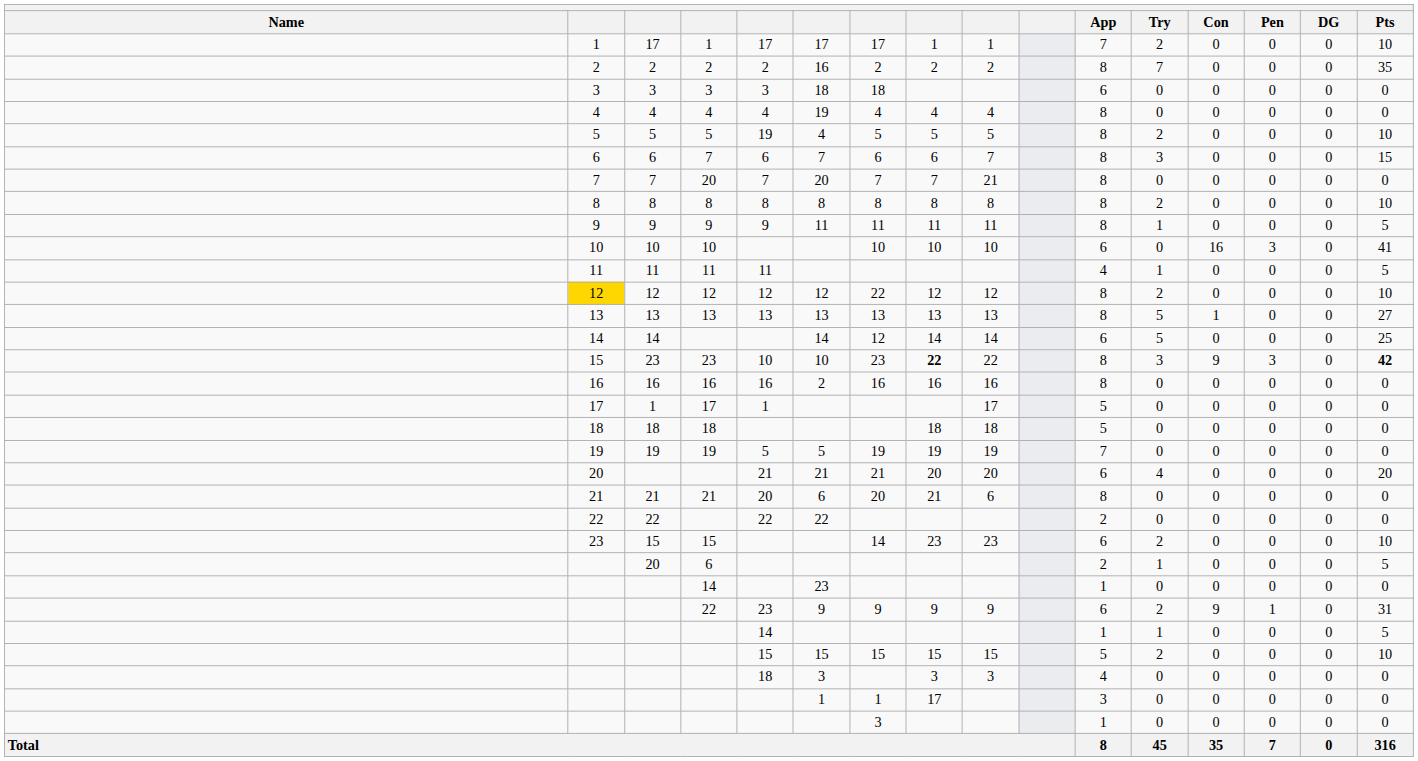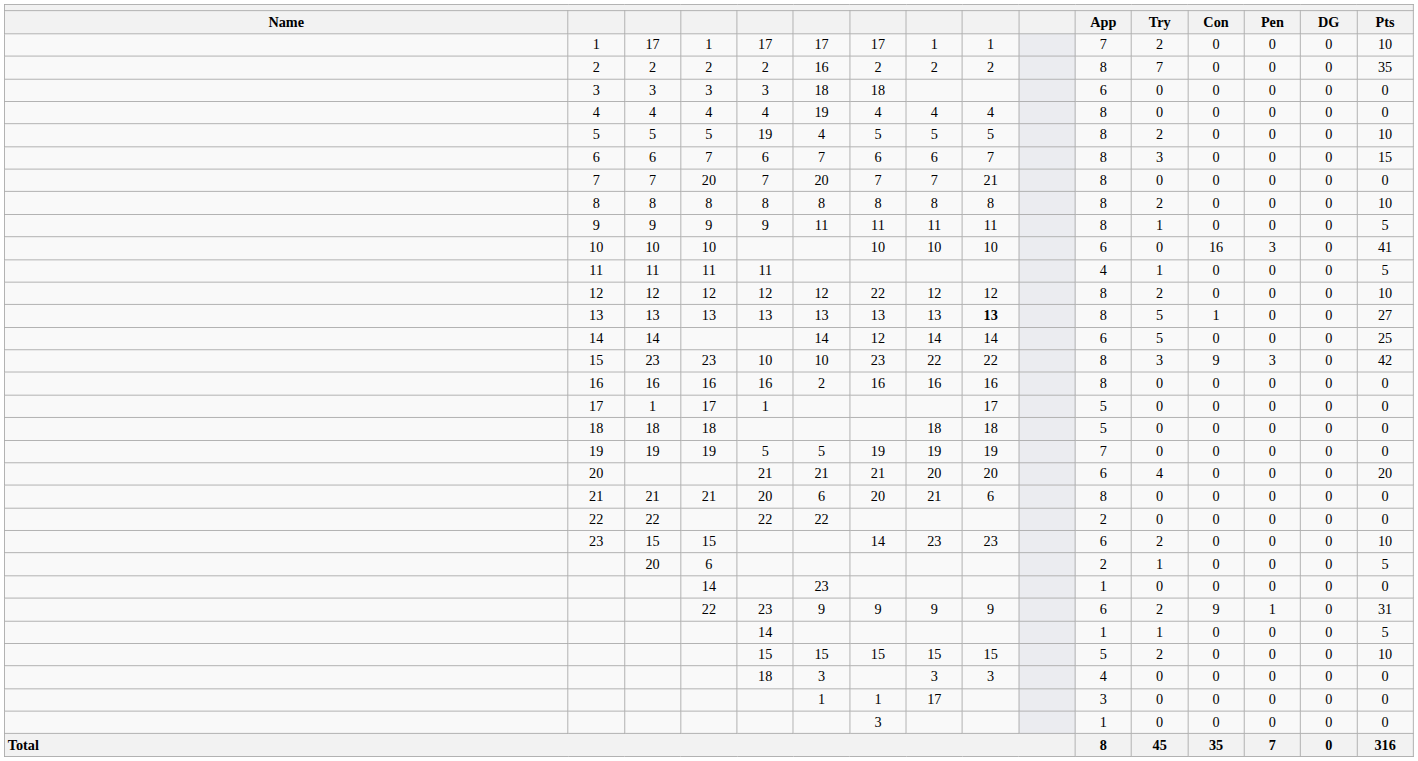 <table class="wikitable collapsible collapsed" style="text-align:center; font-size:100%; width:100%">
 <tr>
 <th colspan="100%"></th>
 </tr>
 <tr>
 <th style="width:40%;">Name</th>
 <th style="width:4%;"></th>
 <th style="width:4%;"></th>
 <th style="width:4%;"></th>
 <th style="width:4%;"></th>
 <th style="width:4%;"></th>
 <th style="width:4%;"></th>
 <th style="width:4%;"></th>
 <th style="width:4%;"></th>
 <th style="width:4%;"></th>
 <th style="width:4%;">App</th>
 <th style="width:4%;">Try</th>
 <th style="width:4%;">Con</th>
 <th style="width:4%;">Pen</th>
 <th style="width:4%;">DG</th>
 <th style="width:4%;">Pts</th>
 </tr>
 <tr>
 <td style="text-align:left;"></td>
 <td>1</td>
 <td>17</td>
 <td>1</td>
 <td>17 </td>
 <td>17 </td>
 <td>17 </td>
 <td>1</td>
 <td>1</td>
 <td style="background:#EBECF0;"></td>
 <td>7</td>
 <td>2</td>
 <td>0</td>
 <td>0</td>
 <td>0</td>
 <td>10</td>
 </tr>
 <tr>
 <td style="text-align:left;"></td>
 <td>2</td>
 <td>2</td>
 <td>2</td>
 <td>2</td>
 <td>16 </td>
 <td>2</td>
 <td>2</td>
 <td>2</td>
 <td style="background:#EBECF0;"></td>
 <td>8</td>
 <td>7</td>
 <td>0</td>
 <td>0</td>
 <td>0</td>
 <td>35</td>
 </tr>
 <tr>
 <td style="text-align:left;"></td>
 <td>3</td>
 <td>3</td>
 <td>3</td>
 <td>3</td>
 <td>18 </td>
 <td>18 </td>
 <td></td>
 <td></td>
 <td style="background:#EBECF0;"></td>
 <td>6</td>
 <td>0</td>
 <td>0</td>
 <td>0</td>
 <td>0</td>
 <td>0</td>
 </tr>
 <tr>
 <td style="text-align:left;"></td>
 <td>4</td>
 <td>4</td>
 <td>4</td>
 <td>4</td>
 <td>19 </td>
 <td>4</td>
 <td>4</td>
 <td>4</td>
 <td style="background:#EBECF0;"></td>
 <td>8</td>
 <td>0</td>
 <td>0</td>
 <td>0</td>
 <td>0</td>
 <td>0</td>
 </tr>
 <tr>
 <td style="text-align:left;"></td>
 <td>5</td>
 <td>5</td>
 <td>5</td>
 <td>19 </td>
 <td>4</td>
 <td>5</td>
 <td>5</td>
 <td>5</td>
 <td style="background:#EBECF0;"></td>
 <td>8</td>
 <td>2</td>
 <td>0</td>
 <td>0</td>
 <td>0</td>
 <td>10</td>
 </tr>
 <tr>
 <td style="text-align:left;"></td>
 <td>6</td>
 <td>6</td>
 <td>7</td>
 <td>6</td>
 <td>7</td>
 <td>6</td>
 <td>6</td>
 <td>7</td>
 <td style="background:#EBECF0;"></td>
 <td>8</td>
 <td>3</td>
 <td>0</td>
 <td>0</td>
 <td>0</td>
 <td>15</td>
 </tr>
 <tr>
 <td style="text-align:left;"></td>
 <td>7</td>
 <td>7</td>
 <td>20 </td>
 <td>7</td>
 <td>20 </td>
 <td>7</td>
 <td>7</td>
 <td>21 </td>
 <td style="background:#EBECF0;"></td>
 <td>8</td>
 <td>0</td>
 <td>0</td>
 <td>0</td>
 <td>0</td>
 <td>0</td>
 </tr>
 <tr>
 <td style="text-align:left;"></td>
 <td>8</td>
 <td>8</td>
 <td>8</td>
 <td>8</td>
 <td>8</td>
 <td>8</td>
 <td>8</td>
 <td>8</td>
 <td style="background:#EBECF0;"></td>
 <td>8</td>
 <td>2</td>
 <td>0</td>
 <td>0</td>
 <td>0</td>
 <td>10</td>
 </tr>
 <tr>
 <td style="text-align:left;"></td>
 <td>9</td>
 <td>9</td>
 <td>9</td>
 <td>9</td>
 <td>11</td>
 <td>11</td>
 <td>11</td>
 <td>11</td>
 <td style="background:#EBECF0;"></td>
 <td>8</td>
 <td>1</td>
 <td>0</td>
 <td>0</td>
 <td>0</td>
 <td>5</td>
 </tr>
 <tr>
 <td style="text-align:left;"></td>
 <td>10</td>
 <td>10</td>
 <td>10</td>
 <td></td>
 <td></td>
 <td>10</td>
 <td>10</td>
 <td>10</td>
 <td style="background:#EBECF0;"></td>
 <td>6</td>
 <td>0</td>
 <td>16</td>
 <td>3</td>
 <td>0</td>
 <td>41</td>
 </tr>
 <tr>
 <td style="text-align:left;"></td>
 <td>11</td>
 <td>11</td>
 <td>11</td>
 <td>11</td>
 <td></td>
 <td></td>
 <td></td>
 <td></td>
 <td style="background:#EBECF0;"></td>
 <td>4</td>
 <td>1</td>
 <td>0</td>
 <td>0</td>
 <td>0</td>
 <td>5</td>
 </tr>
 <tr>
 <td style="text-align:left;"></td>
-<td style="background: gold;">12</td>
+<td>12</td>
 <td>12</td>
 <td>12</td>
 <td>12</td>
 <td>12</td>
 <td>22 </td>
 <td>12</td>
 <td>12</td>
 <td style="background:#EBECF0;"></td>
 <td>8</td>
 <td>2</td>
 <td>0</td>
 <td>0</td>
 <td>0</td>
 <td>10</td>
 </tr>
 <tr>
 <td style="text-align:left;"></td>
 <td>13</td>
 <td>13</td>
 <td>13</td>
 <td>13</td>
 <td>13</td>
 <td>13</td>
 <td>13</td>
-<td>13</td>
+<td><strong>13</strong></td>
 <td style="background:#EBECF0;"></td>
 <td>8</td>
 <td>5</td>
 <td>1</td>
 <td>0</td>
 <td>0</td>
 <td>27</td>
 </tr>
 <tr>
 <td style="text-align:left;"></td>
 <td>14</td>
 <td>14</td>
 <td></td>
 <td></td>
 <td>14</td>
 <td>12</td>
 <td>14</td>
 <td>14</td>
 <td style="background:#EBECF0;"></td>
 <td>6</td>
 <td>5</td>
 <td>0</td>
 <td>0</td>
 <td>0</td>
 <td>25</td>
 </tr>
 <tr>
 <td style="text-align:left;"></td>
 <td>15</td>
 <td>23 </td>
 <td>23 </td>
 <td>10</td>
 <td>10</td>
 <td>23 </td>
-<td><strong>22 </strong></td>
+<td>22 </td>
 <td>22 </td>
 <td style="background:#EBECF0;"></td>
 <td>8</td>
 <td>3</td>
 <td>9</td>
 <td>3</td>
 <td>0</td>
-<td><strong>42</strong></td>
+<td>42</td>
 </tr>
 <tr>
 <td style="text-align:left;"></td>
 <td>16 </td>
 <td>16 </td>
 <td>16 </td>
 <td>16 </td>
 <td>2</td>
 <td>16 </td>
 <td>16 </td>
 <td>16 </td>
 <td style="background:#EBECF0;"></td>
 <td>8</td>
 <td>0</td>
 <td>0</td>
 <td>0</td>
 <td>0</td>
 <td>0</td>
 </tr>
 <tr>
 <td style="text-align:left;"></td>
 <td>17 </td>
 <td>1</td>
 <td>17 </td>
 <td>1</td>
 <td></td>
 <td></td>
 <td></td>
 <td>17 </td>
 <td style="background:#EBECF0;"></td>
 <td>5</td>
 <td>0</td>
 <td>0</td>
 <td>0</td>
 <td>0</td>
 <td>0</td>
 </tr>
 <tr>
 <td style="text-align:left;"></td>
 <td>18 </td>
 <td>18 </td>
 <td>18 </td>
 <td></td>
 <td></td>
 <td></td>
 <td>18 </td>
 <td>18 </td>
 <td style="background:#EBECF0;"></td>
 <td>5</td>
 <td>0</td>
 <td>0</td>
 <td>0</td>
 <td>0</td>
 <td>0</td>
 </tr>
 <tr>
 <td style="text-align:left;"></td>
 <td>19 </td>
 <td>19 </td>
 <td>19 </td>
 <td>5</td>
 <td>5</td>
 <td>19</td>
 <td>19 </td>
 <td>19 </td>
 <td style="background:#EBECF0;"></td>
 <td>7</td>
 <td>0</td>
 <td>0</td>
 <td>0</td>
 <td>0</td>
 <td>0</td>
 </tr>
 <tr>
 <td style="text-align:left;"></td>
 <td>20 </td>
 <td></td>
 <td></td>
 <td>21 </td>
 <td>21 </td>
 <td>21 </td>
 <td>20 </td>
 <td>20 </td>
 <td style="background:#EBECF0;"></td>
 <td>6</td>
 <td>4</td>
 <td>0</td>
 <td>0</td>
 <td>0</td>
 <td>20</td>
 </tr>
 <tr>
 <td style="text-align:left;"></td>
 <td>21 </td>
 <td>21 </td>
 <td>21 </td>
 <td>20 </td>
 <td>6</td>
 <td>20 </td>
 <td>21 </td>
 <td>6</td>
 <td style="background:#EBECF0;"></td>
 <td>8</td>
 <td>0</td>
 <td>0</td>
 <td>0</td>
 <td>0</td>
 <td>0</td>
 </tr>
 <tr>
 <td style="text-align:left;"></td>
 <td>22 </td>
 <td>22 </td>
 <td></td>
 <td>22</td>
 <td>22</td>
 <td></td>
 <td></td>
 <td></td>
 <td style="background:#EBECF0;"></td>
 <td>2</td>
 <td>0</td>
 <td>0</td>
 <td>0</td>
 <td>0</td>
 <td>0</td>
 </tr>
 <tr>
 <td style="text-align:left;"></td>
 <td>23 </td>
 <td>15</td>
 <td>15</td>
 <td></td>
 <td></td>
 <td>14</td>
 <td>23 </td>
 <td>23 </td>
 <td style="background:#EBECF0;"></td>
 <td>6</td>
 <td>2</td>
 <td>0</td>
 <td>0</td>
 <td>0</td>
 <td>10</td>
 </tr>
 <tr>
 <td style="text-align:left;"></td>
 <td></td>
 <td>20 </td>
 <td>6</td>
 <td></td>
 <td></td>
 <td></td>
 <td></td>
 <td></td>
 <td style="background:#EBECF0;"></td>
 <td>2</td>
 <td>1</td>
 <td>0</td>
 <td>0</td>
 <td>0</td>
 <td>5</td>
 </tr>
 <tr>
 <td style="text-align:left;"></td>
 <td></td>
 <td></td>
 <td>14</td>
 <td></td>
 <td>23</td>
 <td></td>
 <td></td>
 <td></td>
 <td style="background:#EBECF0;"></td>
 <td>1</td>
 <td>0</td>
 <td>0</td>
 <td>0</td>
 <td>0</td>
 <td>0</td>
 </tr>
 <tr>
 <td style="text-align:left;"></td>
 <td></td>
 <td></td>
 <td>22 </td>
 <td>23 </td>
 <td>9</td>
 <td>9</td>
 <td>9</td>
 <td>9</td>
 <td style="background:#EBECF0;"></td>
 <td>6</td>
 <td>2</td>
 <td>9</td>
 <td>1</td>
 <td>0</td>
 <td>31</td>
 </tr>
 <tr>
 <td style="text-align:left;"></td>
 <td></td>
 <td></td>
 <td></td>
 <td>14</td>
 <td></td>
 <td></td>
 <td></td>
 <td></td>
 <td style="background:#EBECF0;"></td>
 <td>1</td>
 <td>1</td>
 <td>0</td>
 <td>0</td>
 <td>0</td>
 <td>5</td>
 </tr>
 <tr>
 <td style="text-align:left;"></td>
 <td></td>
 <td></td>
 <td></td>
 <td>15</td>
 <td>15</td>
 <td>15</td>
 <td>15</td>
 <td>15</td>
 <td style="background:#EBECF0;"></td>
 <td>5</td>
 <td>2</td>
 <td>0</td>
 <td>0</td>
 <td>0</td>
 <td>10</td>
 </tr>
 <tr>
 <td style="text-align:left;"></td>
 <td></td>
 <td></td>
 <td></td>
 <td>18 </td>
 <td>3</td>
 <td></td>
 <td>3</td>
 <td>3</td>
 <td style="background:#EBECF0;"></td>
 <td>4</td>
 <td>0</td>
 <td>0</td>
 <td>0</td>
 <td>0</td>
 <td>0</td>
 </tr>
 <tr>
 <td style="text-align:left;"></td>
 <td></td>
 <td></td>
 <td></td>
 <td></td>
 <td>1</td>
 <td>1</td>
 <td>17 </td>
 <td></td>
 <td style="background:#EBECF0;"></td>
 <td>3</td>
 <td>0</td>
 <td>0</td>
 <td>0</td>
 <td>0</td>
 <td>0</td>
 </tr>
 <tr>
 <td style="text-align:left;"></td>
 <td></td>
 <td></td>
 <td></td>
 <td></td>
 <td></td>
 <td>3</td>
 <td></td>
 <td></td>
 <td style="background:#EBECF0;"></td>
 <td>1</td>
 <td>0</td>
 <td>0</td>
 <td>0</td>
 <td>0</td>
 <td>0</td>
 </tr>
 <tr>
 <th colspan="10" style="text-align:left;">Total</th>
 <th>8</th>
 <th>45</th>
 <th>35</th>
 <th>7</th>
 <th>0</th>
 <th>316</th>
 </tr>
 </table>
